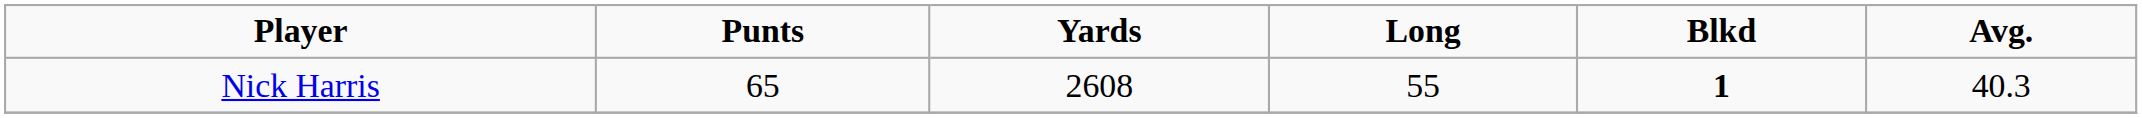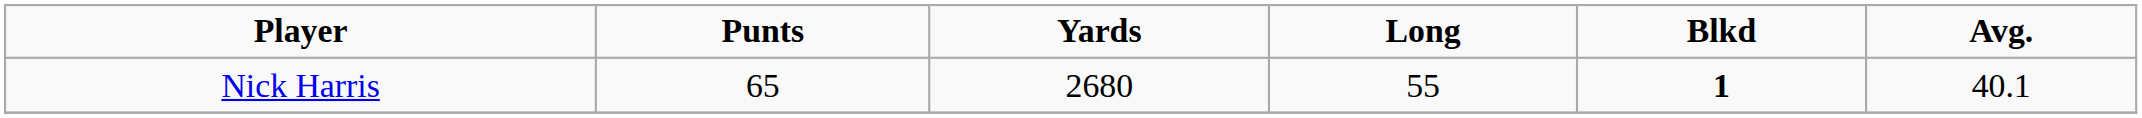 <table class="wikitable" width="80%">
 <tr align="center">
 <td><strong>Player</strong></td>
 <td><strong>Punts</strong></td>
 <td><strong>Yards</strong></td>
 <td><strong>Long</strong></td>
 <td><strong>Blkd</strong></td>
 <td><strong>Avg.</strong></td>
 </tr>
 <tr align="center" bgcolor="">
 <td><a href='#'>Nick Harris</a></td>
 <td>65</td>
-<td>2608</td>
+<td>2680</td>
 <td>55</td>
 <td><strong>1</strong></td>
-<td>40.3</td>
+<td>40.1</td>
 </tr>
 <tr align="center" bgcolor="">
 </tr>
 </table>
